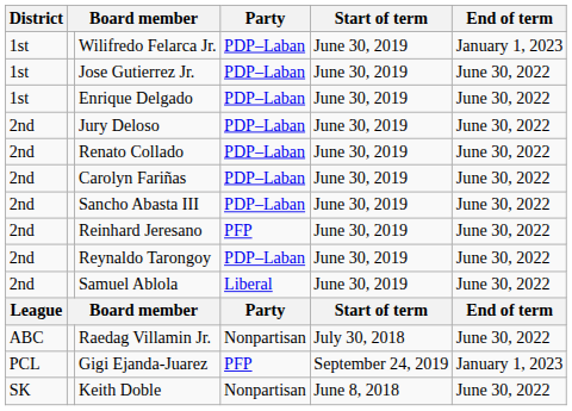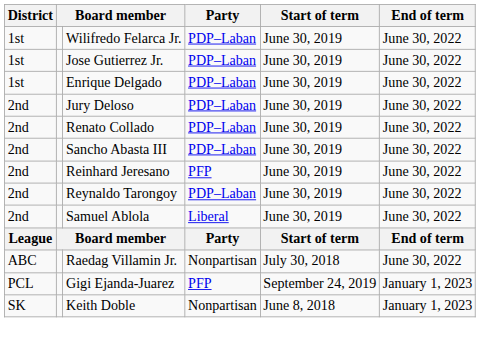 <table class="wikitable">
 <tr>
 <th>District</th>
 <th colspan="2">Board member</th>
 <th>Party</th>
 <th>Start of term</th>
 <th>End of term</th>
 </tr>
 <tr>
 <td>1st</td>
 <td></td>
 <td>Wilifredo Felarca Jr.</td>
 <td><a href='#'>PDP–Laban</a></td>
 <td>June 30, 2019</td>
-<td>January 1, 2023</td>
+<td>June 30, 2022</td>
 </tr>
 <tr>
 <td>1st</td>
 <td></td>
 <td>Jose Gutierrez Jr.</td>
 <td><a href='#'>PDP–Laban</a></td>
 <td>June 30, 2019</td>
 <td>June 30, 2022</td>
 </tr>
 <tr>
 <td>1st</td>
 <td></td>
 <td>Enrique Delgado</td>
 <td><a href='#'>PDP–Laban</a></td>
 <td>June 30, 2019</td>
 <td>June 30, 2022</td>
 </tr>
 <tr>
 <td>2nd</td>
 <td></td>
 <td>Jury Deloso</td>
 <td><a href='#'>PDP–Laban</a></td>
 <td>June 30, 2019</td>
 <td>June 30, 2022</td>
 </tr>
 <tr>
 <td>2nd</td>
 <td></td>
 <td>Renato Collado</td>
-<td><a href='#'>PDP–Laban</a></td>
-<td>June 30, 2019</td>
-<td>June 30, 2022</td>
-</tr>
-<tr>
-<td>2nd</td>
-<td></td>
-<td>Carolyn Fariñas</td>
 <td><a href='#'>PDP–Laban</a></td>
 <td>June 30, 2019</td>
 <td>June 30, 2022</td>
 </tr>
 <tr>
 <td>2nd</td>
 <td></td>
 <td>Sancho Abasta III</td>
 <td><a href='#'>PDP–Laban</a></td>
 <td>June 30, 2019</td>
 <td>June 30, 2022</td>
 </tr>
 <tr>
 <td>2nd</td>
 <td></td>
 <td>Reinhard Jeresano</td>
 <td><a href='#'>PFP</a></td>
 <td>June 30, 2019</td>
 <td>June 30, 2022</td>
 </tr>
 <tr>
 <td>2nd</td>
 <td></td>
 <td>Reynaldo Tarongoy</td>
 <td><a href='#'>PDP–Laban</a></td>
 <td>June 30, 2019</td>
 <td>June 30, 2022</td>
 </tr>
 <tr>
 <td>2nd</td>
 <td></td>
 <td>Samuel Ablola</td>
 <td><a href='#'>Liberal</a></td>
 <td>June 30, 2019</td>
 <td>June 30, 2022</td>
 </tr>
 <tr>
 <th>League</th>
 <th colspan="2">Board member</th>
 <th>Party</th>
 <th>Start of term</th>
 <th>End of term</th>
 </tr>
 <tr>
 <td>ABC</td>
 <td></td>
 <td>Raedag Villamin Jr.</td>
 <td>Nonpartisan</td>
 <td>July 30, 2018</td>
 <td>June 30, 2022</td>
 </tr>
 <tr>
 <td>PCL</td>
 <td></td>
 <td>Gigi Ejanda-Juarez</td>
 <td><a href='#'>PFP</a></td>
 <td>September 24, 2019</td>
 <td>January 1, 2023</td>
 </tr>
 <tr>
 <td>SK</td>
 <td></td>
 <td>Keith Doble</td>
 <td>Nonpartisan</td>
 <td>June 8, 2018</td>
-<td>June 30, 2022</td>
+<td>January 1, 2023</td>
 </tr>
 </table>
